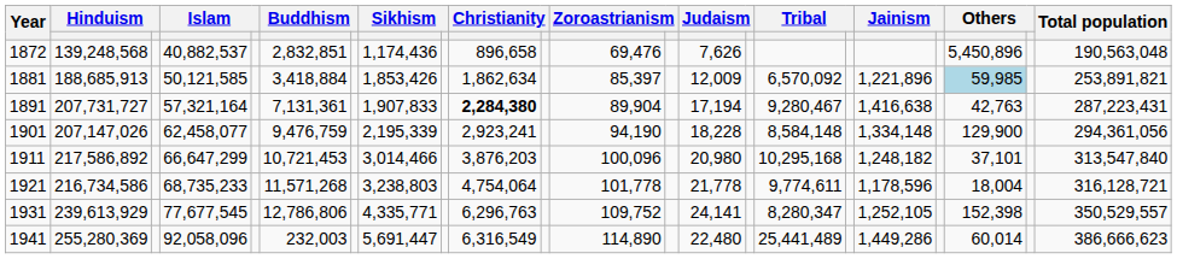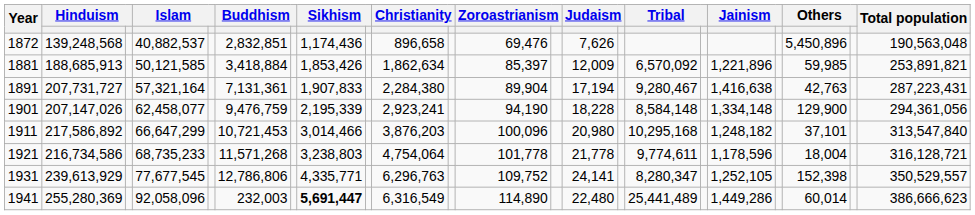 <table class="wikitable sortable" style="text-align:right;">
 <tr>
 <th rowspan="2">Year</th>
 <th colspan="2"><a href='#'>Hinduism</a>  </th>
 <th colspan="2"><a href='#'>Islam</a> </th>
 <th colspan="2"><a href='#'>Buddhism</a> </th>
 <th colspan="2"><a href='#'>Sikhism</a> </th>
 <th colspan="2"><a href='#'>Christianity</a>  </th>
 <th colspan="2"><a href='#'>Zoroastrianism</a> </th>
 <th colspan="2"><a href='#'>Judaism</a> </th>
 <th colspan="2"><a href='#'>Tribal</a>  </th>
 <th colspan="2"><a href='#'>Jainism</a> </th>
 <th colspan="2">Others</th>
 <th rowspan="2">Total population</th>
 </tr>
 <tr>
 <th></th>
 <th></th>
 <th></th>
 <th></th>
 <th></th>
 <th></th>
 <th></th>
 <th></th>
 <th></th>
 <th></th>
 <th></th>
 <th></th>
 <th></th>
 <th></th>
 <th></th>
 <th></th>
 <th></th>
 <th></th>
 <th></th>
 <th></th>
 </tr>
 <tr>
 <td align=left>1872</td>
 <td>139,248,568</td>
 <td></td>
 <td>40,882,537</td>
 <td></td>
 <td>2,832,851</td>
 <td></td>
 <td>1,174,436</td>
 <td></td>
 <td>896,658</td>
 <td></td>
 <td>69,476</td>
 <td></td>
 <td>7,626</td>
 <td></td>
 <td></td>
 <td></td>
 <td></td>
 <td></td>
 <td>5,450,896</td>
 <td></td>
 <td>190,563,048</td>
 </tr>
 <tr>
 <td align=left>1881</td>
 <td>188,685,913</td>
 <td></td>
 <td>50,121,585</td>
 <td></td>
 <td>3,418,884</td>
 <td></td>
 <td>1,853,426</td>
 <td></td>
 <td>1,862,634</td>
 <td></td>
 <td>85,397</td>
 <td></td>
 <td>12,009</td>
 <td></td>
 <td>6,570,092</td>
 <td></td>
 <td>1,221,896</td>
 <td></td>
-<td style="background: lightblue;">59,985</td>
+<td>59,985</td>
 <td></td>
 <td>253,891,821</td>
 </tr>
 <tr>
 <td align=left>1891</td>
 <td>207,731,727</td>
 <td></td>
 <td>57,321,164</td>
 <td></td>
 <td>7,131,361</td>
 <td></td>
 <td>1,907,833</td>
 <td></td>
-<td><strong>2,284,380</strong></td>
+<td>2,284,380</td>
 <td></td>
 <td>89,904</td>
 <td></td>
 <td>17,194</td>
 <td></td>
 <td>9,280,467</td>
 <td></td>
 <td>1,416,638</td>
 <td></td>
 <td>42,763</td>
 <td></td>
 <td>287,223,431</td>
 </tr>
 <tr>
 <td align=left>1901</td>
 <td>207,147,026</td>
 <td></td>
 <td>62,458,077</td>
 <td></td>
 <td>9,476,759</td>
 <td></td>
 <td>2,195,339</td>
 <td></td>
 <td>2,923,241</td>
 <td></td>
 <td>94,190</td>
 <td></td>
 <td>18,228</td>
 <td></td>
 <td>8,584,148</td>
 <td></td>
 <td>1,334,148</td>
 <td></td>
 <td>129,900</td>
 <td></td>
 <td>294,361,056</td>
 </tr>
 <tr>
 <td align=left>1911</td>
 <td>217,586,892</td>
 <td></td>
 <td>66,647,299</td>
 <td></td>
 <td>10,721,453</td>
 <td></td>
 <td>3,014,466</td>
 <td></td>
 <td>3,876,203</td>
 <td></td>
 <td>100,096</td>
 <td></td>
 <td>20,980</td>
 <td></td>
 <td>10,295,168</td>
 <td></td>
 <td>1,248,182</td>
 <td></td>
 <td>37,101</td>
 <td></td>
 <td>313,547,840</td>
 </tr>
 <tr>
 <td align=left>1921</td>
 <td>216,734,586</td>
 <td></td>
 <td>68,735,233</td>
 <td></td>
 <td>11,571,268</td>
 <td></td>
 <td>3,238,803</td>
 <td></td>
 <td>4,754,064</td>
 <td></td>
 <td>101,778</td>
 <td></td>
 <td>21,778</td>
 <td></td>
 <td>9,774,611</td>
 <td></td>
 <td>1,178,596</td>
 <td></td>
 <td>18,004</td>
 <td></td>
 <td>316,128,721</td>
 </tr>
 <tr>
 <td align=left>1931</td>
 <td>239,613,929</td>
 <td></td>
 <td>77,677,545</td>
 <td></td>
 <td>12,786,806</td>
 <td></td>
 <td>4,335,771</td>
 <td></td>
 <td>6,296,763</td>
 <td></td>
 <td>109,752</td>
 <td></td>
 <td>24,141</td>
 <td></td>
 <td>8,280,347</td>
 <td></td>
 <td>1,252,105</td>
 <td></td>
 <td>152,398</td>
 <td></td>
 <td>350,529,557</td>
 </tr>
 <tr>
 <td align=left>1941</td>
 <td>255,280,369</td>
 <td></td>
 <td>92,058,096</td>
 <td></td>
 <td>232,003</td>
 <td></td>
-<td>5,691,447</td>
+<td><strong>5,691,447</strong></td>
 <td></td>
 <td>6,316,549</td>
 <td></td>
 <td>114,890</td>
 <td></td>
 <td>22,480</td>
 <td></td>
 <td>25,441,489</td>
 <td></td>
 <td>1,449,286</td>
 <td></td>
 <td>60,014</td>
 <td></td>
 <td>386,666,623</td>
 </tr>
 </table>
